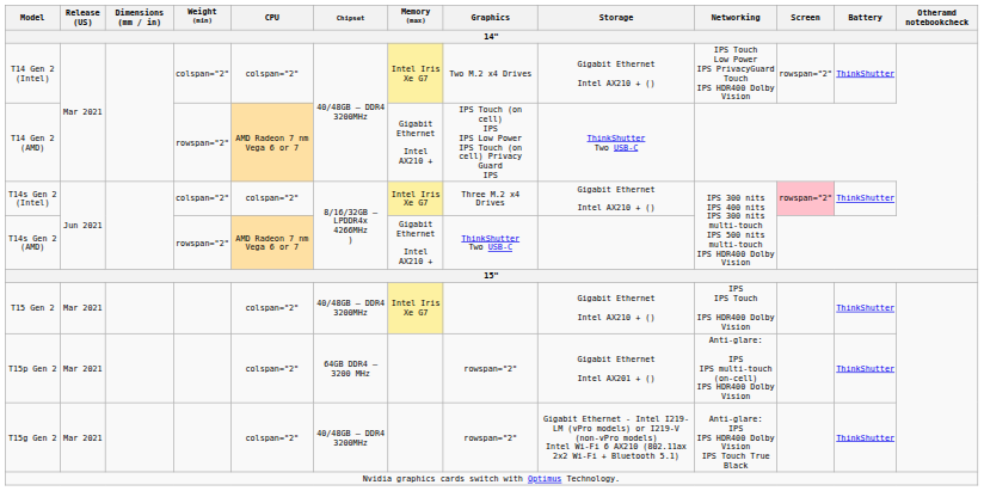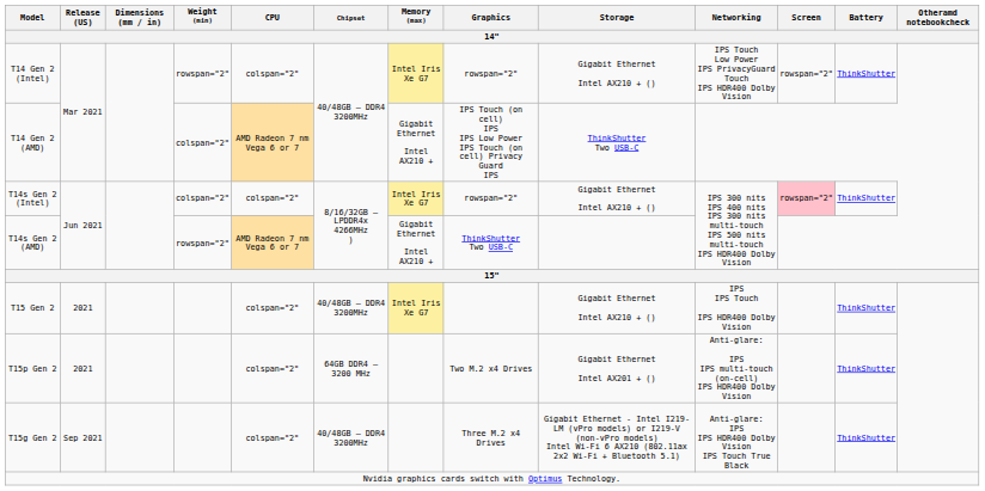 <table class="wikitable" style="font-size: 80%; text-align: center; min-width: 80%;">
 <tr>
 <th>Model</th>
 <th>Release (US)</th>
 <th>Dimensions (mm / in)</th>
 <th>Weight <sup>(min)</sup></th>
 <th>CPU</th>
 <th><small>Chipset</small></th>
 <th>Memory <sup>(max)</sup></th>
 <th>Graphics</th>
 <th>Storage</th>
 <th>Networking</th>
 <th>Screen</th>
 <th>Battery</th>
 <th>Otheramd notebookcheck</th>
 </tr>
 <tr>
 <th colspan="13">14"</th>
 </tr>
 <tr>
 <td>T14 Gen 2 (Intel)</td>
 <td rowspan="2">Mar 2021</td>
 <td rowspan="2"></td>
-<td>colspan="2" </td>
+<td>rowspan="2" </td>
 <td>colspan="2" </td>
 <td rowspan="2" style="background:">40/48GB — DDR4 3200MHz<br> </td>
 <td style="background:#fdf1a1;">Intel Iris Xe G7<br></td>
-<td style="background:">Two M.2 x4 Drives</td>
+<td>rowspan="2" </td>
 <td>Gigabit Ethernet<br><br>Intel  AX210 +  ()<br><small></small></td>
 <td style="background:"> IPS Touch<br> Low Power<br> IPS PrivacyGuard Touch<br> IPS HDR400 Dolby Vision</td>
 <td>rowspan="2" </td>
 <td><a href='#'>ThinkShutter</a><br></td>
 </tr>
 <tr>
 <td>T14 Gen 2 (AMD)</td>
-<td>rowspan="2" </td>
+<td>colspan="2" </td>
 <td style="background:#fee0a3;">AMD Radeon 7 nm Vega 6 or 7</td>
 <td>Gigabit Ethernet<br><br>Intel  AX210 + <br><small></small></td>
 <td style="background:"> IPS Touch (on cell) <br> IPS <br> IPS Low Power<br> IPS Touch (on cell) Privacy Guard<br> IPS</td>
 <td><a href='#'>ThinkShutter</a><br>Two <a href='#'>USB-C</a>  </td>
 </tr>
 <tr>
 <td>T14s Gen 2 (Intel)</td>
 <td rowspan="2">Jun 2021</td>
 <td rowspan="2"></td>
 <td>colspan="2" </td>
 <td>colspan="2" </td>
 <td rowspan="2" style="background:">8/16/32GB — LPDDR4x 4266MHz<br>)</td>
 <td style="background:#fdf1a1;">Intel Iris Xe G7</td>
-<td style="background:">Three M.2 x4 Drives</td>
+<td>rowspan="2" </td>
 <td> Gigabit Ethernet<br><br>Intel  AX210 +  ()<br><small></small></td>
 <td rowspan="2" style="background:"><br> IPS 300 nits<br>  IPS 400 nits<br>  IPS 300 nits multi-touch<br>  IPS 500 nits multi-touch<br> IPS HDR400 Dolby Vision</td>
 <td style="background: pink;">rowspan="2"  </td>
 <td><a href='#'>ThinkShutter</a><br></td>
 </tr>
 <tr>
 <td>T14s Gen 2 (AMD)</td>
 <td>rowspan="2" </td>
 <td style="background:#fee0a3;">AMD Radeon 7 nm Vega 6 or 7</td>
 <td> Gigabit Ethernet<br><br>Intel  AX210 + <br><small></small></td>
 <td><a href='#'>ThinkShutter</a><br>Two <a href='#'>USB-C</a>  </td>
 </tr>
 <tr>
 <th colspan="13">15"</th>
 </tr>
 <tr>
 <td>T15 Gen 2</td>
-<td>Mar 2021</td>
+<td>2021</td>
 <td></td>
 <td></td>
 <td>colspan="2" </td>
 <td style="background:">40/48GB — DDR4 3200MHz<br> </td>
 <td style="background:#fdf1a1;">Intel Iris Xe G7<br></td>
 <td></td>
 <td>Gigabit Ethernet<br><br>Intel  AX210 +  ()<br><small></small></td>
 <td style="background:"> IPS <br> IPS Touch<br><br> IPS HDR400 Dolby Vision</td>
 <td> </td>
 <td><a href='#'>ThinkShutter</a><br></td>
 </tr>
 <tr>
 <td>T15p Gen 2</td>
-<td>Mar 2021</td>
+<td>2021</td>
 <td></td>
 <td></td>
 <td>colspan="2" </td>
 <td style="background:">64GB DDR4 — 3200 MHz </td>
 <td></td>
-<td>rowspan="2" </td>
+<td style="background:">Two M.2 x4 Drives</td>
 <td>Gigabit Ethernet<br><br>Intel  AX201 +  ()<br><small></small></td>
 <td style="background:">Anti-glare: <br><br> IPS <br>  IPS multi-touch (on-cell)<br>  IPS HDR400 Dolby Vision</td>
 <td> </td>
 <td><a href='#'>ThinkShutter</a><br></td>
 </tr>
 <tr>
 <td>T15g Gen 2</td>
-<td>Mar 2021</td>
+<td>Sep 2021</td>
 <td></td>
 <td></td>
 <td>colspan="2" </td>
 <td style="background:">40/48GB — DDR4 3200MHz<br> </td>
 <td></td>
-<td>rowspan="2" </td>
+<td style="background:">Three M.2 x4 Drives</td>
 <td>Gigabit Ethernet - Intel I219-LM (vPro models) or I219-V (non-vPro models)<br>Intel Wi-Fi 6 AX210 (802.11ax 2x2 Wi-Fi + Bluetooth 5.1) <br><small></small></td>
 <td style="background:"><br>Anti-glare: <br>  IPS<br>  IPS HDR400 Dolby Vision<br>  IPS Touch True Black</td>
 <td> </td>
 <td><a href='#'>ThinkShutter</a><br></td>
 </tr>
 <tr>
 <td colspan="13">Nvidia graphics cards switch with <a href='#'>Optimus</a> Technology.</td>
 </tr>
 </table>
